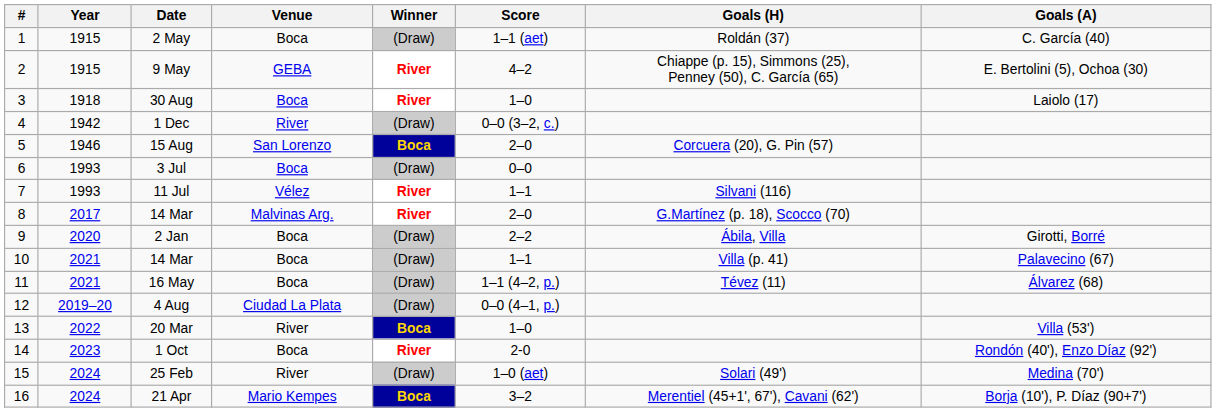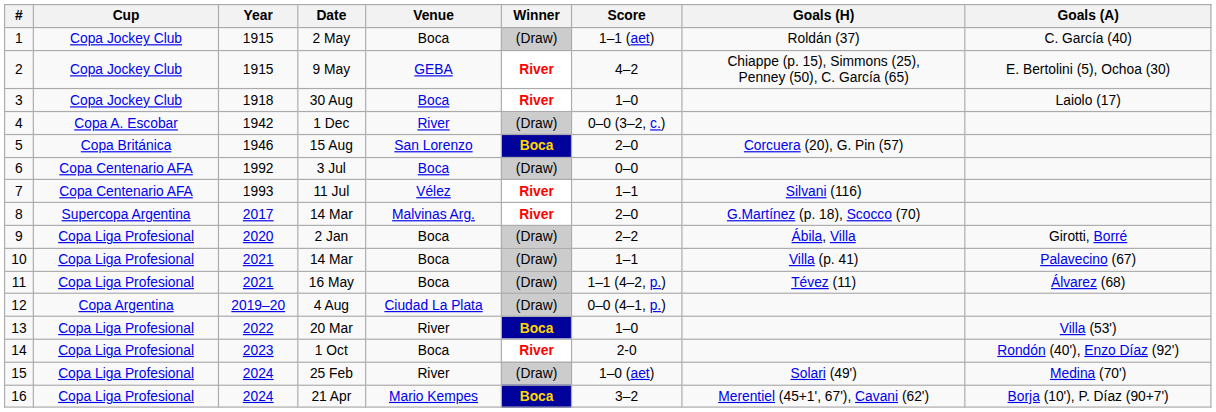 <table class="wikitable sortable collapsible collapsed" style="width:1050px; text-align:center; margin:0 left; font-size: 12px">
 <tr>
 <th>#</th>
+<th 150px>Cup</th>
 <th 50px>Year</th>
 <th 100px>Date</th>
 <th 100px>Venue</th>
 <th 100px>Winner</th>
 <th 50px>Score</th>
 <th 250px>Goals (H)</th>
 <th 250px>Goals (A)</th>
 </tr>
 <tr>
 <td>1</td>
+<td><a href='#'>Copa Jockey Club</a></td>
 <td>1915</td>
 <td>2 May</td>
 <td>Boca</td>
 <td style="color:#000000; background:#cccccc">(Draw)</td>
 <td>1–1 (<a href='#'>aet</a>)</td>
 <td>Roldán (37)</td>
 <td>C. García (40)</td>
 </tr>
 <tr>
 <td>2</td>
+<td><a href='#'>Copa Jockey Club</a></td>
 <td>1915</td>
 <td>9 May</td>
 <td><a href='#'>GEBA</a></td>
 <td style="color:#ff0000; background:#ffffff"><strong>River</strong></td>
 <td>4–2</td>
 <td>Chiappe (p. 15), Simmons (25), <br>Penney (50), C. García (65)</td>
 <td>E. Bertolini (5), Ochoa (30)</td>
 </tr>
 <tr>
 <td>3</td>
+<td><a href='#'>Copa Jockey Club</a></td>
 <td>1918</td>
 <td>30 Aug</td>
 <td><a href='#'>Boca</a></td>
 <td style="color:#ff0000; background:#ffffff"><strong>River</strong></td>
 <td>1–0</td>
 <td></td>
 <td>Laiolo (17)</td>
 </tr>
 <tr>
 <td>4</td>
+<td><a href='#'>Copa A. Escobar</a></td>
 <td>1942</td>
 <td>1 Dec</td>
 <td><a href='#'>River</a></td>
 <td style="color:#000000; background:#cccccc">(Draw)</td>
 <td>0–0 (3–2, <a href='#'>c.</a>)</td>
 <td></td>
 <td></td>
 </tr>
 <tr>
 <td>5</td>
+<td><a href='#'>Copa Británica</a></td>
 <td>1946</td>
 <td>15 Aug</td>
 <td><a href='#'>San Lorenzo</a></td>
 <td style="color:gold; background:#00009B"><strong>Boca</strong></td>
 <td>2–0</td>
 <td><a href='#'>Corcuera</a> (20), G. Pin (57)</td>
 <td></td>
 </tr>
 <tr>
 <td>6</td>
-<td>1993</td>
+<td><a href='#'>Copa Centenario AFA</a></td>
+<td>1992</td>
 <td>3 Jul</td>
 <td><a href='#'>Boca</a></td>
 <td style="color:#000000; background:#cccccc">(Draw)</td>
 <td>0–0</td>
 <td></td>
 <td></td>
 </tr>
 <tr>
 <td>7</td>
+<td><a href='#'>Copa Centenario AFA</a></td>
 <td>1993</td>
 <td>11 Jul</td>
 <td><a href='#'>Vélez</a></td>
 <td style="color:#ff0000; background:#ffffff"><strong>River</strong></td>
 <td>1–1</td>
 <td><a href='#'>Silvani</a> (116)</td>
 <td></td>
 </tr>
 <tr>
 <td>8</td>
+<td><a href='#'>Supercopa Argentina</a></td>
 <td><a href='#'>2017</a></td>
 <td>14 Mar</td>
 <td><a href='#'>Malvinas Arg.</a></td>
 <td style="color:#ff0000; background:#ffffff"><strong>River</strong></td>
 <td>2–0</td>
 <td><a href='#'>G.Martínez</a> (p. 18), <a href='#'>Scocco</a> (70)</td>
 <td></td>
 </tr>
 <tr>
 <td>9</td>
+<td><a href='#'>Copa Liga Profesional</a></td>
 <td><a href='#'>2020</a></td>
 <td>2 Jan</td>
 <td>Boca</td>
 <td style="color:#000000; background:#cccccc">(Draw)</td>
 <td>2–2</td>
 <td><a href='#'>Ábila</a>, <a href='#'>Villa</a></td>
 <td>Girotti, <a href='#'>Borré</a></td>
 </tr>
 <tr>
 <td>10</td>
+<td><a href='#'>Copa Liga Profesional</a></td>
 <td><a href='#'>2021</a></td>
 <td>14 Mar</td>
 <td>Boca</td>
 <td style="color:#000000; background:#cccccc">(Draw)</td>
 <td>1–1</td>
 <td><a href='#'>Villa</a> (p. 41)</td>
 <td><a href='#'>Palavecino</a> (67)</td>
 </tr>
 <tr>
 <td>11</td>
+<td><a href='#'>Copa Liga Profesional</a></td>
 <td><a href='#'>2021</a></td>
 <td>16 May</td>
 <td>Boca</td>
 <td style="color:#000000; background:#cccccc">(Draw)</td>
 <td>1–1 (4–2, <a href='#'>p.</a>)</td>
 <td><a href='#'>Tévez</a> (11)</td>
 <td><a href='#'>Álvarez</a> (68)</td>
 </tr>
 <tr>
 <td>12</td>
+<td><a href='#'>Copa Argentina</a></td>
 <td><a href='#'>2019–20</a></td>
 <td>4 Aug</td>
 <td><a href='#'>Ciudad La Plata</a></td>
 <td style="color:#000000; background:#cccccc">(Draw)</td>
 <td>0–0 (4–1, <a href='#'>p.</a>)</td>
 <td></td>
 <td></td>
 </tr>
 <tr>
 <td>13</td>
+<td><a href='#'>Copa Liga Profesional</a></td>
 <td><a href='#'>2022</a></td>
 <td>20 Mar</td>
 <td>River</td>
 <td style="color:gold; background:#00009B"><strong>Boca</strong></td>
 <td>1–0</td>
 <td></td>
 <td><a href='#'>Villa</a> (53')</td>
 </tr>
 <tr>
 <td>14</td>
+<td><a href='#'>Copa Liga Profesional</a></td>
 <td><a href='#'>2023</a></td>
 <td>1 Oct</td>
 <td>Boca</td>
 <td style="color:#ff0000; background:#ffffff"><strong>River</strong></td>
 <td>2-0</td>
 <td></td>
 <td><a href='#'>Rondón</a> (40'), <a href='#'>Enzo Díaz</a> (92')</td>
 </tr>
 <tr>
 <td>15</td>
+<td><a href='#'>Copa Liga Profesional</a></td>
 <td><a href='#'>2024</a></td>
 <td>25 Feb</td>
 <td>River</td>
 <td style="color:#000000; background:#cccccc">(Draw)</td>
 <td>1–0 (<a href='#'>aet</a>)</td>
 <td><a href='#'>Solari</a> (49')</td>
 <td><a href='#'>Medina</a> (70')</td>
 </tr>
 <tr>
 <td>16</td>
+<td><a href='#'>Copa Liga Profesional</a></td>
 <td><a href='#'>2024</a></td>
 <td>21 Apr</td>
 <td><a href='#'>Mario Kempes</a></td>
 <td style="color:gold; background:#00009B"><strong>Boca</strong></td>
 <td>3–2</td>
 <td><a href='#'>Merentiel</a> (45+1', 67'), <a href='#'>Cavani</a> (62')</td>
 <td><a href='#'>Borja</a> (10'), P. Díaz (90+7')</td>
 </tr>
 </table>
